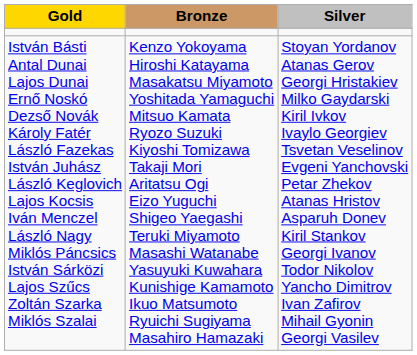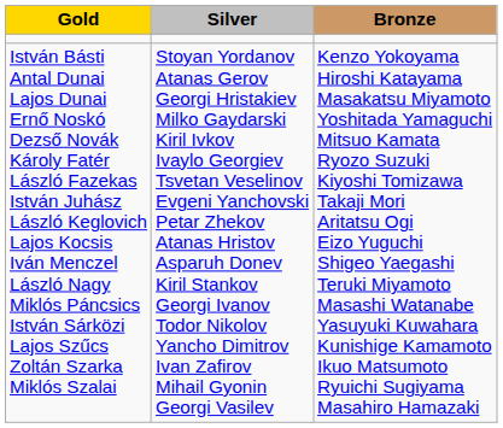 <table class="wikitable">
 <tr>
 <th style="text-align:center; background:gold">Gold</th>
+<th style="text-align:center; background:silver">Silver</th>
 <th style="text-align:center; background:#CC9966">Bronze</th>
-<th style="text-align:center; background:silver">Silver</th>
 </tr>
 <tr>
 <td></td>
 <td></td>
 <td></td>
 </tr>
 <tr>
 <td style="vertical-align:top"><a href='#'>István Básti</a><br><a href='#'>Antal Dunai</a><br><a href='#'>Lajos Dunai</a><br><a href='#'>Ernő Noskó</a><br><a href='#'>Dezső Novák</a><br><a href='#'>Károly Fatér</a><br><a href='#'>László Fazekas</a><br><a href='#'>István Juhász</a><br><a href='#'>László Keglovich</a><br><a href='#'>Lajos Kocsis</a><br><a href='#'>Iván Menczel</a><br><a href='#'>László Nagy</a><br><a href='#'>Miklós Páncsics</a><br><a href='#'>István Sárközi</a><br><a href='#'>Lajos Szűcs</a><br><a href='#'>Zoltán Szarka</a><br><a href='#'>Miklós Szalai</a></td>
+<td style="vertical-align:top"><a href='#'>Stoyan Yordanov</a><br><a href='#'>Atanas Gerov</a><br><a href='#'>Georgi Hristakiev</a><br><a href='#'>Milko Gaydarski</a><br><a href='#'>Kiril Ivkov</a><br><a href='#'>Ivaylo Georgiev</a><br><a href='#'>Tsvetan Veselinov</a><br><a href='#'>Evgeni Yanchovski</a><br><a href='#'>Petar Zhekov</a><br><a href='#'>Atanas Hristov</a><br><a href='#'>Asparuh Donev</a><br><a href='#'>Kiril Stankov</a><br><a href='#'>Georgi Ivanov</a><br><a href='#'>Todor Nikolov</a><br><a href='#'>Yancho Dimitrov</a><br><a href='#'>Ivan Zafirov</a><br><a href='#'>Mihail Gyonin</a><br><a href='#'>Georgi Vasilev</a></td>
 <td style="vertical-align:top"><a href='#'>Kenzo Yokoyama</a><br><a href='#'>Hiroshi Katayama</a><br><a href='#'>Masakatsu Miyamoto</a><br><a href='#'>Yoshitada Yamaguchi</a><br><a href='#'>Mitsuo Kamata</a><br><a href='#'>Ryozo Suzuki</a><br><a href='#'>Kiyoshi Tomizawa</a><br><a href='#'>Takaji Mori</a><br><a href='#'>Aritatsu Ogi</a><br><a href='#'>Eizo Yuguchi</a><br><a href='#'>Shigeo Yaegashi</a><br><a href='#'>Teruki Miyamoto</a><br><a href='#'>Masashi Watanabe</a><br><a href='#'>Yasuyuki Kuwahara</a><br><a href='#'>Kunishige Kamamoto</a><br><a href='#'>Ikuo Matsumoto</a><br><a href='#'>Ryuichi Sugiyama</a><br><a href='#'>Masahiro Hamazaki</a></td>
-<td style="vertical-align:top"><a href='#'>Stoyan Yordanov</a><br><a href='#'>Atanas Gerov</a><br><a href='#'>Georgi Hristakiev</a><br><a href='#'>Milko Gaydarski</a><br><a href='#'>Kiril Ivkov</a><br><a href='#'>Ivaylo Georgiev</a><br><a href='#'>Tsvetan Veselinov</a><br><a href='#'>Evgeni Yanchovski</a><br><a href='#'>Petar Zhekov</a><br><a href='#'>Atanas Hristov</a><br><a href='#'>Asparuh Donev</a><br><a href='#'>Kiril Stankov</a><br><a href='#'>Georgi Ivanov</a><br><a href='#'>Todor Nikolov</a><br><a href='#'>Yancho Dimitrov</a><br><a href='#'>Ivan Zafirov</a><br><a href='#'>Mihail Gyonin</a><br><a href='#'>Georgi Vasilev</a></td>
 </tr>
 </table>
